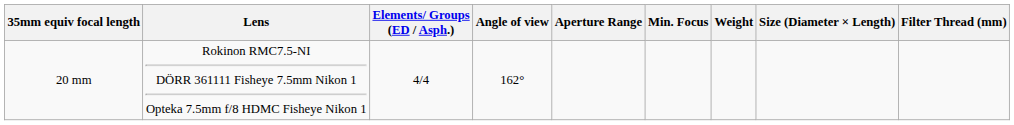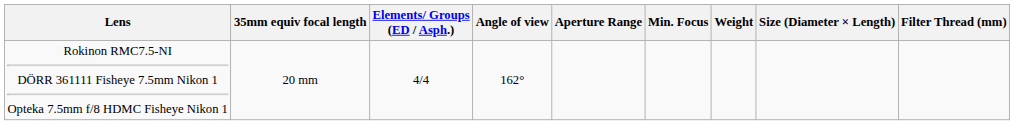 <table class="wikitable" style="font-size:90%;text-align:center;">
 <tr>
+<th>Lens</th>
 <th>35mm equiv focal length</th>
-<th>Lens</th>
 <th><a href='#'>Elements/ Groups</a><br>(<a href='#'>ED</a> / <a href='#'>Asph</a>.)</th>
 <th>Angle of view</th>
 <th>Aperture Range</th>
 <th>Min. Focus</th>
 <th>Weight</th>
 <th>Size (Diameter × Length)</th>
 <th>Filter Thread (mm)</th>
 </tr>
 <tr>
+<td>Rokinon RMC7.5-NI<br><hr> DÖRR 361111 Fisheye 7.5mm Nikon 1 <hr> Opteka 7.5mm f/8 HDMC Fisheye Nikon 1</td>
 <td>20 mm</td>
-<td>Rokinon RMC7.5-NI<br><hr> DÖRR 361111 Fisheye 7.5mm Nikon 1 <hr> Opteka 7.5mm f/8 HDMC Fisheye Nikon 1</td>
 <td>4/4</td>
 <td>162°</td>
 <td></td>
 <td></td>
 <td></td>
 <td></td>
 <td></td>
 </tr>
 </table>
